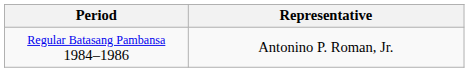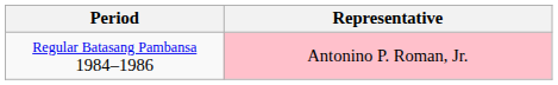 <table class="wikitable" style="text-align:center; width:40%;">
 <tr>
 <th width="40%">Period</th>
 <th>Representative</th>
 </tr>
 <tr>
 <td><small><a href='#'>Regular Batasang Pambansa</a></small><br>1984–1986</td>
-<td>Antonino P. Roman, Jr.</td>
+<td style="background: pink;">Antonino P. Roman, Jr.</td>
 </tr>
 </table>
